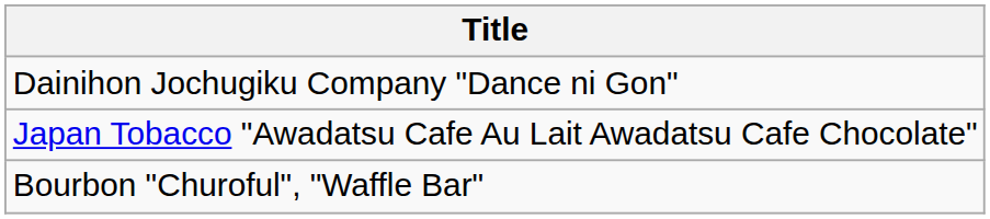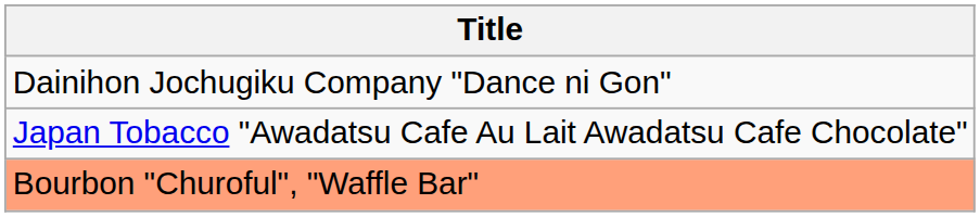 <table class="wikitable">
 <tr>
 <th>Title</th>
 </tr>
 <tr>
 <td>Dainihon Jochugiku Company "Dance ni Gon"</td>
 </tr>
 <tr>
 <td><a href='#'>Japan Tobacco</a> "Awadatsu Cafe Au Lait Awadatsu Cafe Chocolate"</td>
 </tr>
 <tr>
-<td>Bourbon "Churoful", "Waffle Bar"</td>
+<td style="background: lightsalmon;">Bourbon "Churoful", "Waffle Bar"</td>
 </tr>
 </table>
